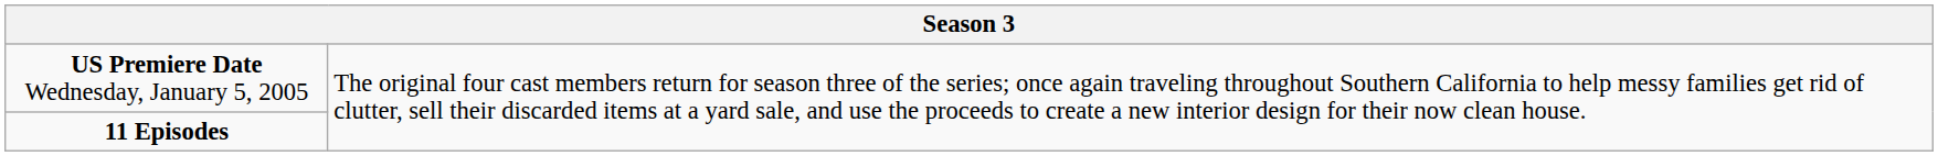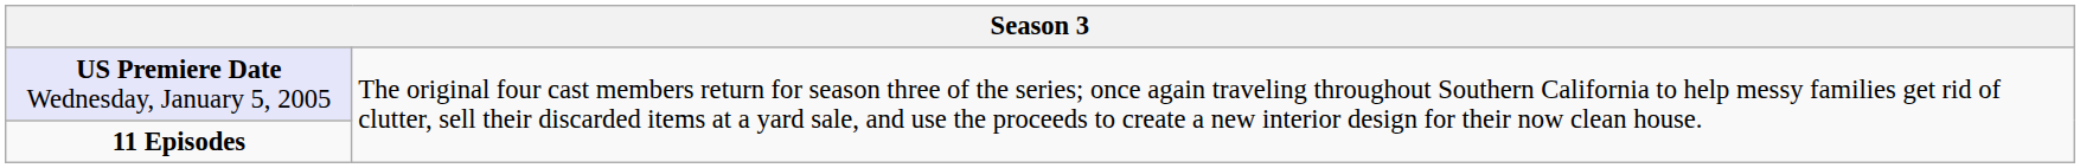 <table class="wikitable" style="width:98%;">
 <tr>
 <th colspan="2">Season 3</th>
 </tr>
 <tr>
-<td style="width:200px; text-align:center;"><strong>US Premiere Date</strong><br>Wednesday, January 5, 2005</td>
+<td style="background: lavender; width:200px; text-align:center;"><strong>US Premiere Date</strong><br>Wednesday, January 5, 2005</td>
 <td rowspan="2">The original four cast members return for season three of the series; once again traveling throughout Southern California to help messy families get rid of clutter, sell their discarded items at a yard sale, and use the proceeds to create a new interior design for their now clean house.</td>
 </tr>
 <tr>
 <td style="text-align:center;"><strong>11 Episodes</strong></td>
 </tr>
 </table>
